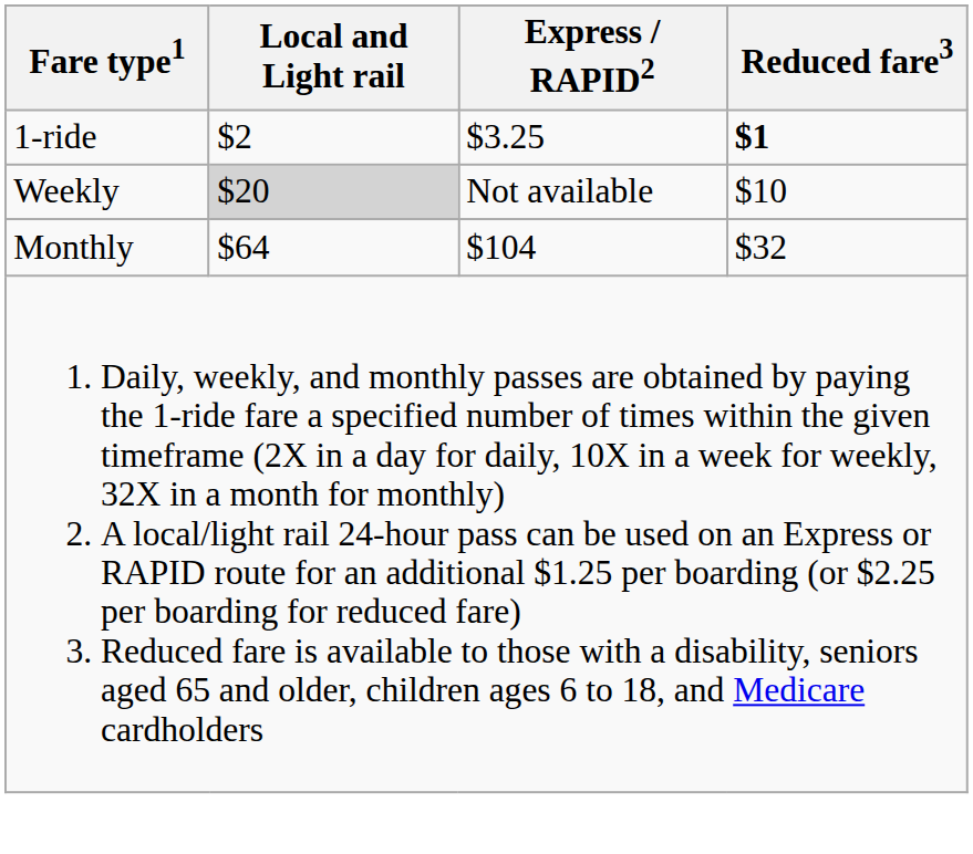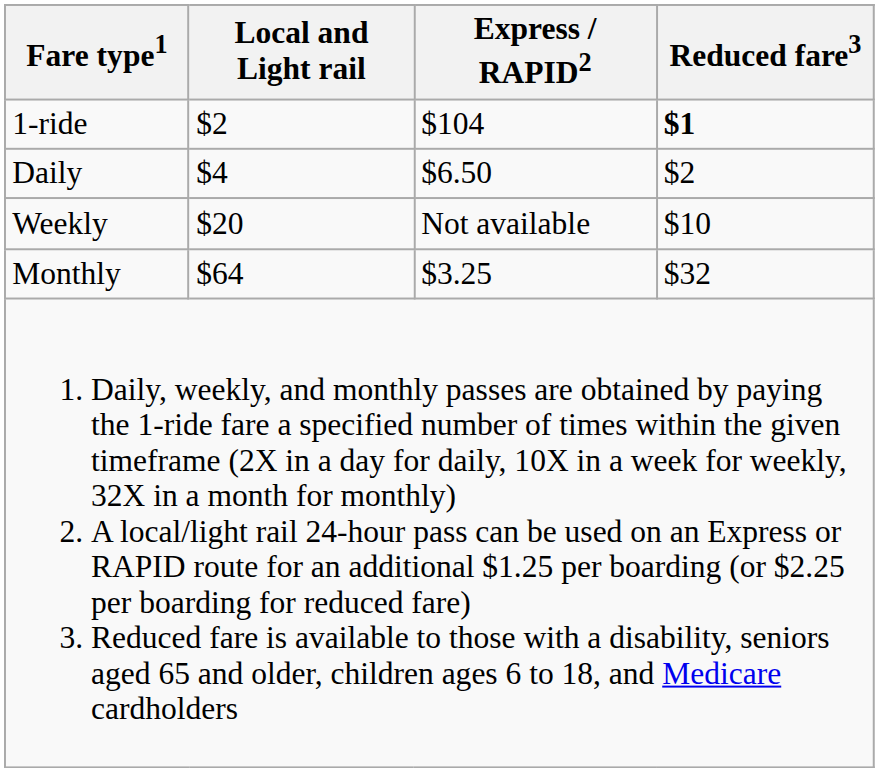 <table class="wikitable" width="35%" align="bottom">
 <tr>
 <th>Fare type<sup>1</sup></th>
 <th>Local and Light rail</th>
 <th>Express / RAPID<sup>2</sup></th>
 <th>Reduced fare<sup>3</sup></th>
 </tr>
 <tr>
 <td>1-ride</td>
 <td>$2</td>
-<td>$3.25</td>
+<td>$104</td>
 <td><strong>$1</strong></td>
 </tr>
 <tr>
+<td>Daily</td>
+<td>$4</td>
+<td>$6.50</td>
+<td>$2</td>
+</tr>
+<tr>
 <td>Weekly</td>
-<td style="background: lightgrey;">$20</td>
+<td>$20</td>
 <td>Not available</td>
 <td>$10</td>
 </tr>
 <tr>
 <td>Monthly</td>
 <td>$64</td>
-<td>$104</td>
+<td>$3.25</td>
 <td>$32</td>
 </tr>
 <tr>
 <td colspan=4><br><ol><li>Daily, weekly, and monthly passes are obtained by paying the 1-ride fare a specified number of times within the given timeframe (2X in a day for daily, 10X in a week for weekly, 32X in a month for monthly)</li><li>A local/light rail 24-hour pass can be used on an Express or RAPID route for an additional $1.25 per boarding (or $2.25 per boarding for reduced fare)</li><li>Reduced fare is available to those with a disability, seniors aged 65 and older, children ages 6 to 18, and <a href='#'>Medicare</a> cardholders</li></ol></td>
 </tr>
 </table>
